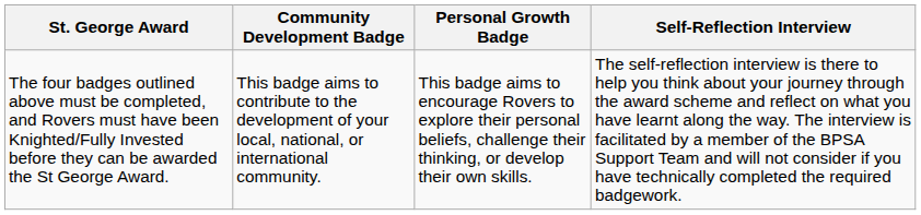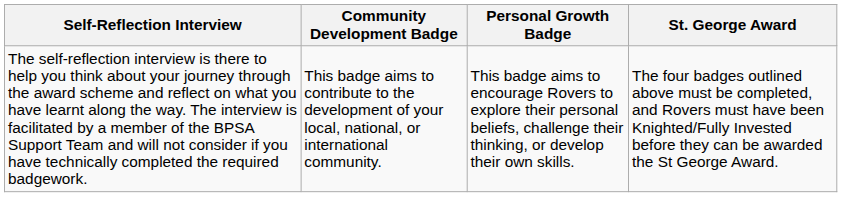 <table class="wikitable">
 <tr>
-<th>St. George Award</th>
+<th>Self-Reflection Interview</th>
 <th>Community Development Badge</th>
 <th>Personal Growth Badge</th>
-<th>Self-Reflection Interview</th>
+<th>St. George Award</th>
 </tr>
 <tr>
-<td>The four badges outlined above must be completed, and Rovers must have been Knighted/Fully Invested before they can be awarded the St George Award.</td>
+<td>The self-reflection interview is there to help you think about your journey through the award scheme and reflect on what you have learnt along the way. The interview is facilitated by a member of the BPSA Support Team and will not consider if you have technically completed the required badgework.</td>
 <td>This badge aims to contribute to the development of your local, national, or international community.</td>
 <td>This badge aims to encourage Rovers to explore their personal beliefs, challenge their thinking, or develop their own skills.</td>
-<td>The self-reflection interview is there to help you think about your journey through the award scheme and reflect on what you have learnt along the way. The interview is facilitated by a member of the BPSA Support Team and will not consider if you have technically completed the required badgework.</td>
+<td>The four badges outlined above must be completed, and Rovers must have been Knighted/Fully Invested before they can be awarded the St George Award.</td>
 </tr>
 </table>
